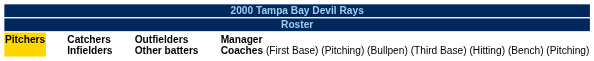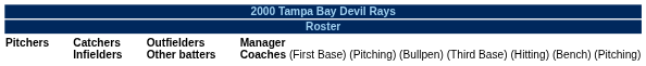 <table class="toccolours" style="font-size: 95%;">
 <tr>
 <th colspan="10" style="background:#00285D; color:#9ECEEE; text-align:center;">2000 Tampa Bay Devil Rays</th>
 </tr>
 <tr>
 <td colspan="10" style="background:#00285D; color:#9ECEEE; text-align:center;"><strong>Roster</strong></td>
 </tr>
 <tr>
-<td valign="top" style="background: gold;"><strong>Pitchers</strong><br>                       </td>
+<td valign="top"><strong>Pitchers</strong><br>                       </td>
 <td width="25px"></td>
 <td valign="top"><strong>Catchers</strong><br>   <strong>Infielders</strong>            </td>
 <td width="25px"></td>
 <td valign="top"><strong>Outfielders</strong><br>          <strong>Other batters</strong>  </td>
 <td width="25px"></td>
 <td valign="top"><strong>Manager</strong><br> <strong>Coaches</strong>  (First Base)  (Pitching)  (Bullpen)  (Third Base)  (Hitting)  (Bench)  (Pitching)</td>
 </tr>
 <tr>
 </tr>
 </table>
